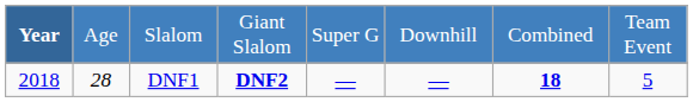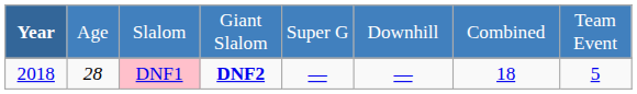 <table class="wikitable" style="font-size:95%; text-align:center; border:grey solid 1px; border-collapse:collapse;" width="40%">
 <tr style="background-color:#369; color:white;">
 <td rowspan="2" colspan="1" width="4%"><strong>Year</strong></td>
 </tr>
 <tr style="background-color:#4180be; color:white;">
 <td width="3%">Age</td>
 <td width="5%">Slalom</td>
 <td width="5%">Giant<br>Slalom</td>
 <td width="5%">Super G</td>
 <td width="5%">Downhill</td>
 <td width="5%">Combined</td>
 <td width="5%">Team Event</td>
 </tr>
 <tr style="background-color:#8CB2D8; color:white;">
 </tr>
 <tr>
 <td><a href='#'>2018</a></td>
 <td><em>28</em></td>
-<td><a href='#'>DNF1</a></td>
+<td style="background: pink;"><a href='#'>DNF1</a></td>
 <td><strong><a href='#'>DNF2</a></strong></td>
 <td><a href='#'>—</a></td>
 <td><a href='#'>—</a></td>
-<td><strong><a href='#'>18</a></strong></td>
+<td><a href='#'>18</a></td>
 <td><a href='#'>5</a></td>
 </tr>
 </table>
